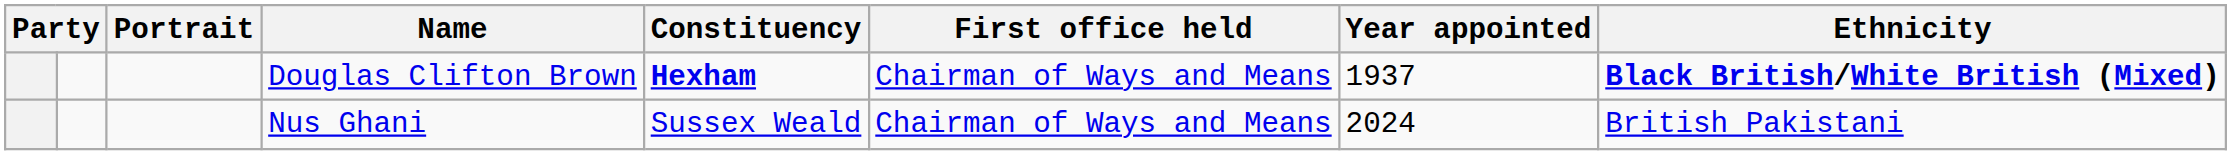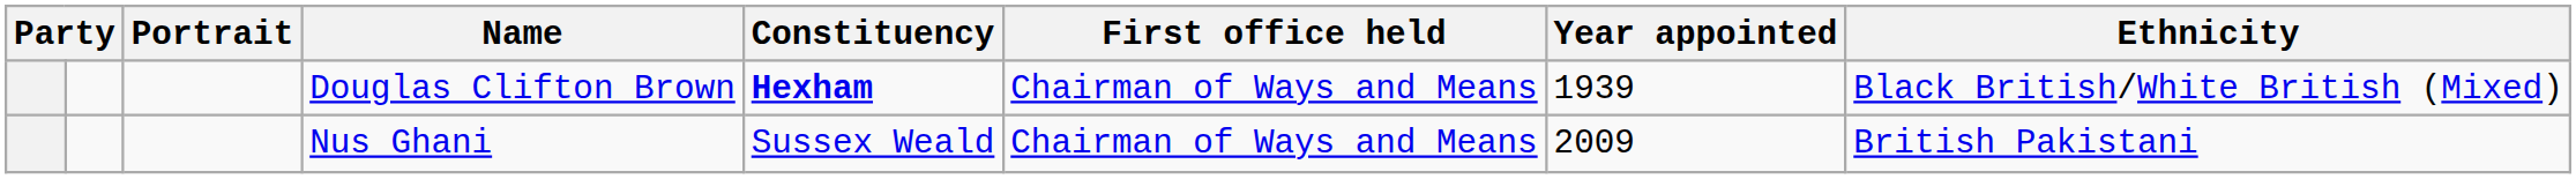 <table class="wikitable sortable">
 <tr>
 <th colspan=2>Party</th>
 <th>Portrait</th>
 <th>Name</th>
 <th>Constituency</th>
 <th>First office held</th>
 <th>Year appointed</th>
 <th>Ethnicity</th>
 </tr>
 <tr>
 <th style="background-color: "></th>
 <td></td>
 <td></td>
 <td><a href='#'>Douglas Clifton Brown</a></td>
 <td><strong><a href='#'>Hexham</a></strong></td>
 <td><a href='#'>Chairman of Ways and Means</a></td>
-<td>1937</td>
-<td><strong><a href='#'>Black British</a>/<a href='#'>White British</a> (<a href='#'>Mixed</a>)</strong></td>
+<td>1939</td>
+<td><a href='#'>Black British</a>/<a href='#'>White British</a> (<a href='#'>Mixed</a>)</td>
 </tr>
 <tr>
 <th style="background-color: "></th>
 <td></td>
 <td></td>
 <td><a href='#'>Nus Ghani</a></td>
 <td><a href='#'>Sussex Weald</a></td>
 <td><a href='#'>Chairman of Ways and Means</a></td>
-<td>2024</td>
+<td>2009</td>
 <td><a href='#'>British Pakistani</a></td>
 </tr>
 </table>
